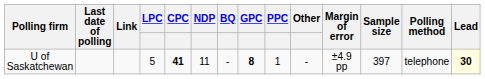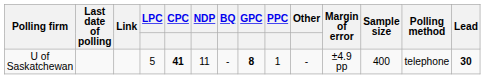 <table class="wikitable sortable mw-datatable" style="text-align:center;font-size:90%;line-height:14px;">
 <tr style="height:40px;">
 <th style="width:105px;" rowspan="2">Polling firm</th>
 <th style="width:105px;" rowspan="2">Last date<br>of polling</th>
 <th rowspan="2">Link</th>
 <th class="unsortable" style="width:40px;"><a href='#'>LPC</a></th>
 <th class="unsortable" style="width:40px;"><a href='#'>CPC</a></th>
 <th class="unsortable" style="width:40px;"><a href='#'>NDP</a></th>
 <th class="unsortable" style="width:40px;"><a href='#'>BQ</a></th>
 <th class="unsortable" style="width:40px;"><a href='#'>GPC</a></th>
 <th class="unsortable" style="width:40px;"><a href='#'>PPC</a></th>
 <th class="unsortable" style="width:40px;">Other</th>
 <th rowspan="2">Margin<br>of error</th>
 <th rowspan="2">Sample<br>size</th>
 <th rowspan="2">Polling method</th>
 <th rowspan="2">Lead</th>
 </tr>
 <tr>
 <th style="background:"></th>
 <th style="background:"></th>
 <th style="background:"></th>
 <th style="background:"></th>
 <th style="background:"></th>
 <th style="background:"></th>
 <th style="background:"></th>
 </tr>
 <tr>
 <td>U of Saskatchewan</td>
 <td></td>
 <td></td>
 <td>5</td>
 <td><strong>41</strong></td>
 <td>11</td>
 <td>-</td>
 <td><strong>8</strong></td>
 <td>1</td>
 <td>-</td>
 <td>±4.9 pp</td>
-<td>397</td>
+<td>400</td>
 <td>telephone</td>
-<td style="background: lightyellow;"><strong>30</strong></td>
+<td><strong>30</strong></td>
 </tr>
 </table>
